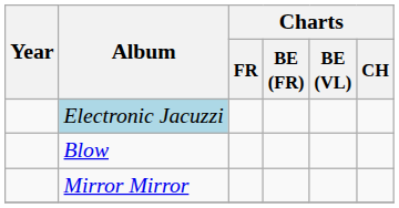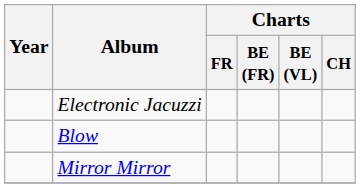 <table class="wikitable">
 <tr>
 <th align="center" rowspan="2">Year</th>
 <th align="center" rowspan="2">Album</th>
 <th align="center" colspan="7">Charts</th>
 </tr>
 <tr>
 <th><small><strong>FR</strong></small></th>
 <th><small><strong>BE</strong><br><strong>(FR)</strong></small></th>
 <th><small><strong>BE</strong><br><strong>(VL)</strong></small></th>
 <th><small><strong>CH</strong></small></th>
 </tr>
 <tr>
 <td></td>
-<td style="background: lightblue;"><em>Electronic Jacuzzi</em></td>
+<td><em>Electronic Jacuzzi</em></td>
 <td></td>
 <td></td>
 <td></td>
 <td></td>
 </tr>
 <tr>
 <td></td>
 <td><em><a href='#'>Blow</a></em></td>
 <td></td>
 <td></td>
 <td></td>
 <td></td>
 </tr>
 <tr>
 <td></td>
 <td><em><a href='#'>Mirror Mirror</a></em></td>
 <td></td>
 <td></td>
 <td></td>
 <td></td>
 </tr>
 <tr>
 </tr>
 </table>
